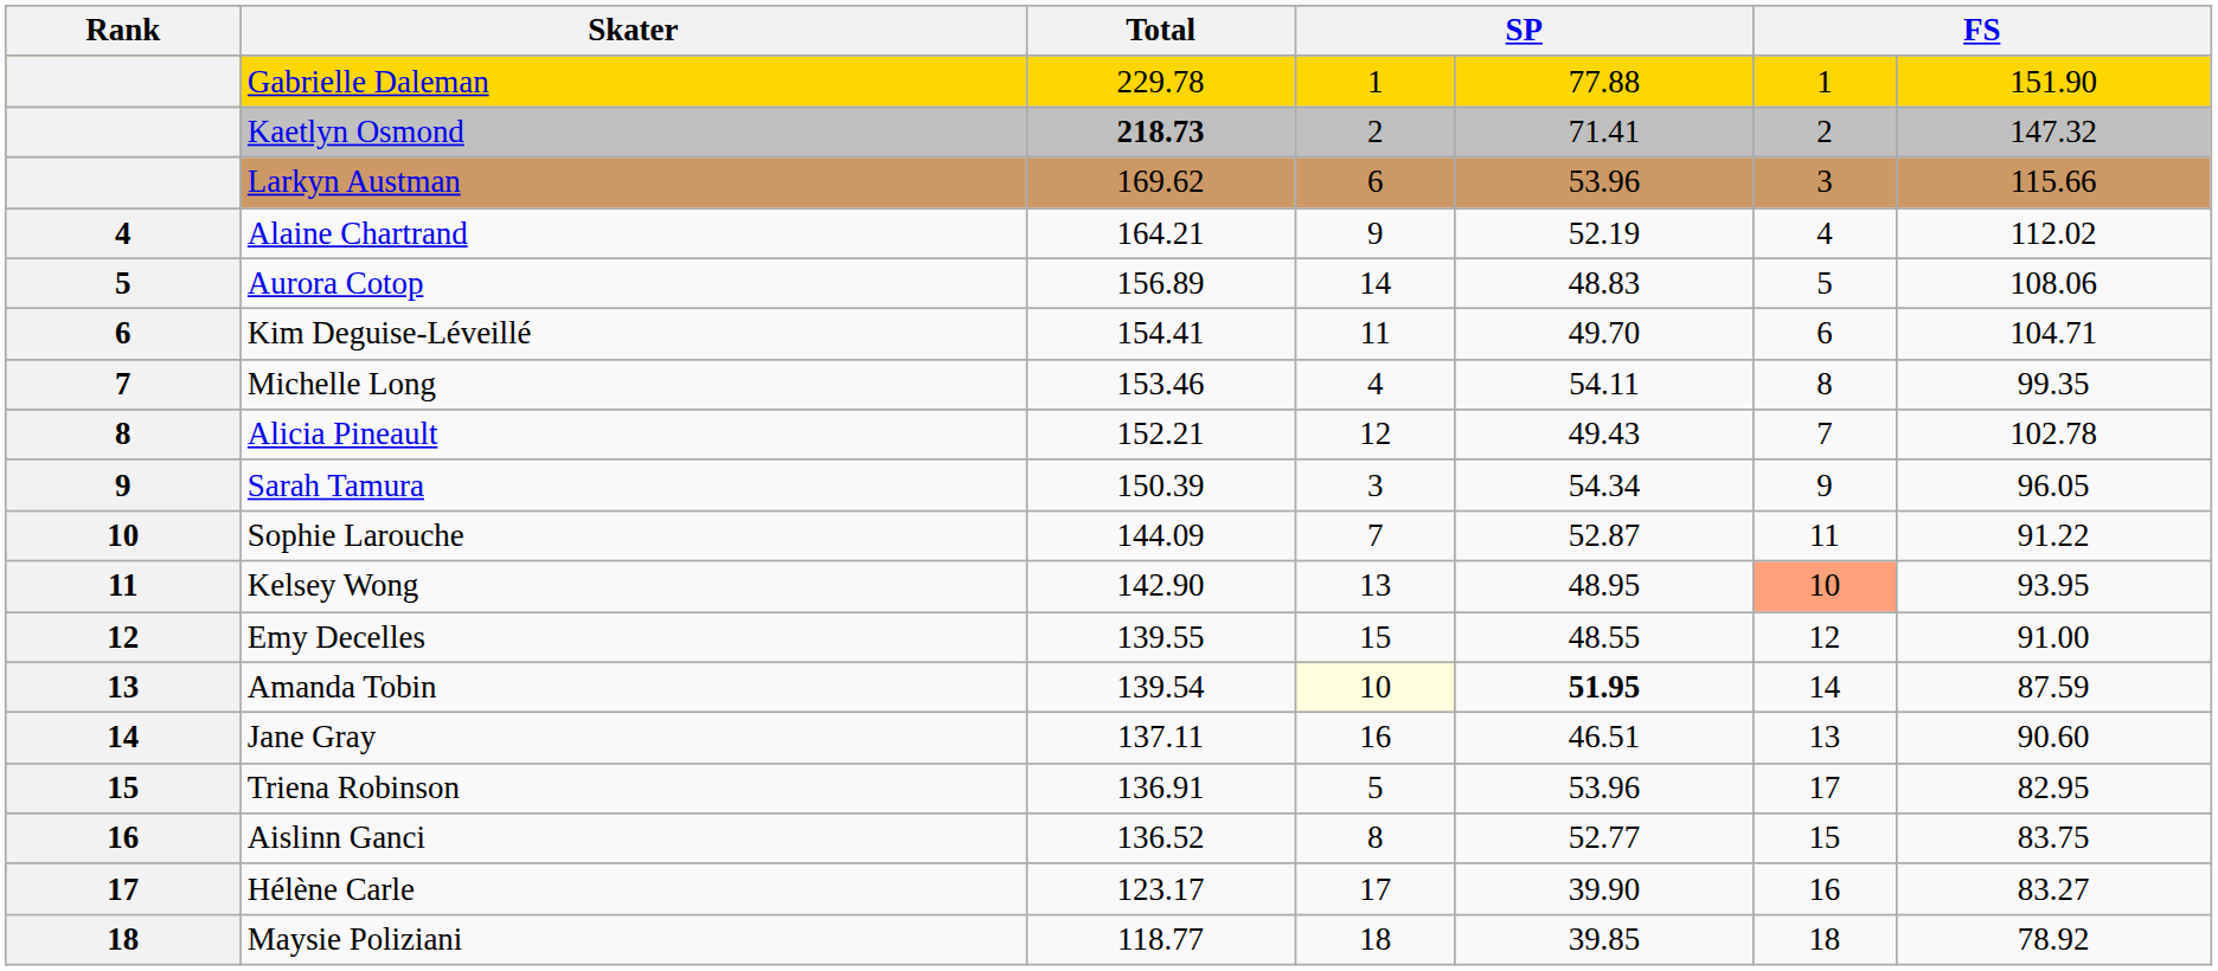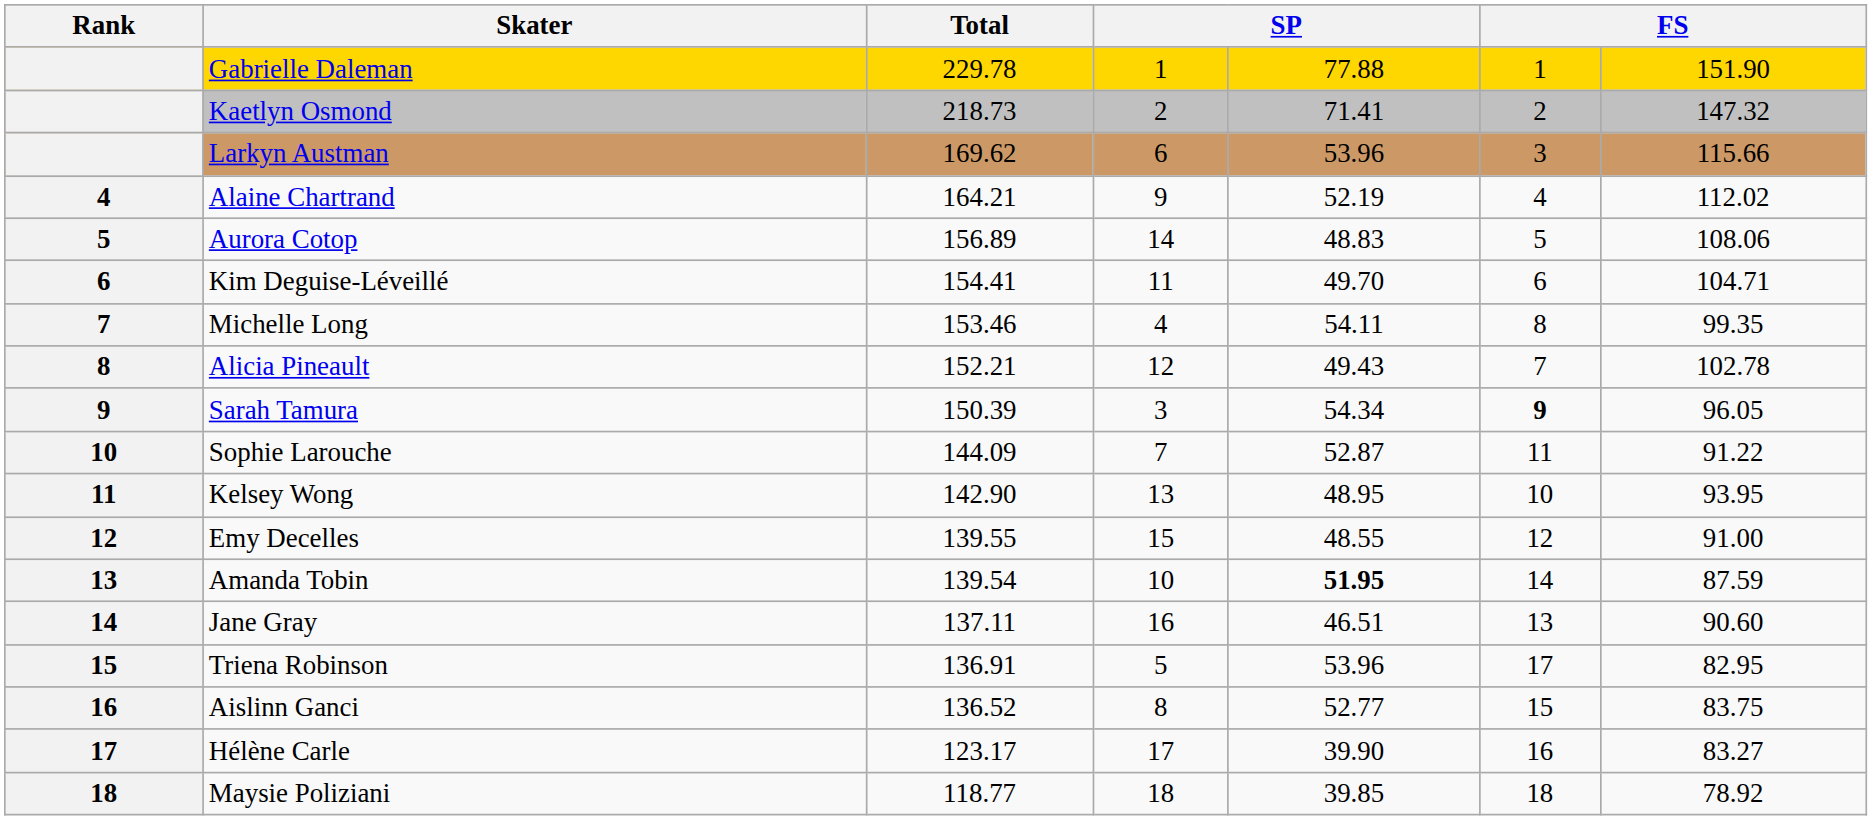 <table class="wikitable sortable" style="text-align:center; width:70%">
 <tr>
 <th scope="col">Rank</th>
 <th scope="col">Skater</th>
 <th scope="col">Total</th>
 <th scope="col" colspan="2" width="80px"><a href='#'>SP</a></th>
 <th scope="col" colspan="2" width="80px"><a href='#'>FS</a></th>
 </tr>
 <tr bgcolor="gold">
 <th scope="row"></th>
 <td align="left"><a href='#'>Gabrielle Daleman</a></td>
 <td align="center">229.78</td>
 <td align="center">1</td>
 <td align="center">77.88</td>
 <td align="center">1</td>
 <td align="center">151.90</td>
 </tr>
 <tr bgcolor="silver">
 <th scope="row"></th>
 <td align="left"><a href='#'>Kaetlyn Osmond</a></td>
-<td align="center"><strong>218.73</strong></td>
+<td align="center">218.73</td>
 <td align="center">2</td>
 <td align="center">71.41</td>
 <td align="center">2</td>
 <td align="center">147.32</td>
 </tr>
 <tr bgcolor="cc9966">
 <th scope="row"></th>
 <td align="left"><a href='#'>Larkyn Austman</a></td>
 <td align="center">169.62</td>
 <td align="center">6</td>
 <td align="center">53.96</td>
 <td align="center">3</td>
 <td align="center">115.66</td>
 </tr>
 <tr>
 <th scope="row">4</th>
 <td align="left"><a href='#'>Alaine Chartrand</a></td>
 <td align="center">164.21</td>
 <td align="center">9</td>
 <td align="center">52.19</td>
 <td align="center">4</td>
 <td align="center">112.02</td>
 </tr>
 <tr>
 <th scope="row">5</th>
 <td align="left"><a href='#'>Aurora Cotop</a></td>
 <td align="center">156.89</td>
 <td align="center">14</td>
 <td align="center">48.83</td>
 <td align="center">5</td>
 <td align="center">108.06</td>
 </tr>
 <tr>
 <th scope="row">6</th>
 <td align="left">Kim Deguise-Léveillé</td>
 <td align="center">154.41</td>
 <td align="center">11</td>
 <td align="center">49.70</td>
 <td align="center">6</td>
 <td align="center">104.71</td>
 </tr>
 <tr>
 <th scope="row">7</th>
 <td align="left">Michelle Long</td>
 <td align="center">153.46</td>
 <td align="center">4</td>
 <td align="center">54.11</td>
 <td align="center">8</td>
 <td align="center">99.35</td>
 </tr>
 <tr>
 <th scope="row">8</th>
 <td align="left"><a href='#'>Alicia Pineault</a></td>
 <td align="center">152.21</td>
 <td align="center">12</td>
 <td align="center">49.43</td>
 <td align="center">7</td>
 <td align="center">102.78</td>
 </tr>
 <tr>
 <th scope="row">9</th>
 <td align="left"><a href='#'>Sarah Tamura</a></td>
 <td align="center">150.39</td>
 <td align="center">3</td>
 <td align="center">54.34</td>
-<td align="center">9</td>
+<td align="center"><strong>9</strong></td>
 <td align="center">96.05</td>
 </tr>
 <tr>
 <th scope="row">10</th>
 <td align="left">Sophie Larouche</td>
 <td align="center">144.09</td>
 <td align="center">7</td>
 <td align="center">52.87</td>
 <td align="center">11</td>
 <td align="center">91.22</td>
 </tr>
 <tr>
 <th scope="row">11</th>
 <td align="left">Kelsey Wong</td>
 <td align="center">142.90</td>
 <td align="center">13</td>
 <td align="center">48.95</td>
-<td align="center" style="background: lightsalmon;">10</td>
+<td align="center">10</td>
 <td align="center">93.95</td>
 </tr>
 <tr>
 <th scope="row">12</th>
 <td align="left">Emy Decelles</td>
 <td align="center">139.55</td>
 <td align="center">15</td>
 <td align="center">48.55</td>
 <td align="center">12</td>
 <td align="center">91.00</td>
 </tr>
 <tr>
 <th scope="row">13</th>
 <td align="left">Amanda Tobin</td>
 <td align="center">139.54</td>
-<td align="center" style="background: lightyellow;">10</td>
+<td align="center">10</td>
 <td align="center"><strong>51.95</strong></td>
 <td align="center">14</td>
 <td align="center">87.59</td>
 </tr>
 <tr>
 <th scope="row">14</th>
 <td align="left">Jane Gray</td>
 <td align="center">137.11</td>
 <td align="center">16</td>
 <td align="center">46.51</td>
 <td align="center">13</td>
 <td align="center">90.60</td>
 </tr>
 <tr>
 <th scope="row">15</th>
 <td align="left">Triena Robinson</td>
 <td align="center">136.91</td>
 <td align="center">5</td>
 <td align="center">53.96</td>
 <td align="center">17</td>
 <td align="center">82.95</td>
 </tr>
 <tr>
 <th scope="row">16</th>
 <td align="left">Aislinn Ganci</td>
 <td align="center">136.52</td>
 <td align="center">8</td>
 <td align="center">52.77</td>
 <td align="center">15</td>
 <td align="center">83.75</td>
 </tr>
 <tr>
 <th scope="row">17</th>
 <td align="left">Hélène Carle</td>
 <td align="center">123.17</td>
 <td align="center">17</td>
 <td align="center">39.90</td>
 <td align="center">16</td>
 <td align="center">83.27</td>
 </tr>
 <tr>
 <th scope="row">18</th>
 <td align="left">Maysie Poliziani</td>
 <td align="center">118.77</td>
 <td align="center">18</td>
 <td align="center">39.85</td>
 <td align="center">18</td>
 <td align="center">78.92</td>
 </tr>
 </table>
